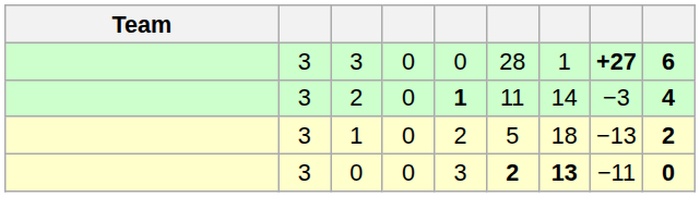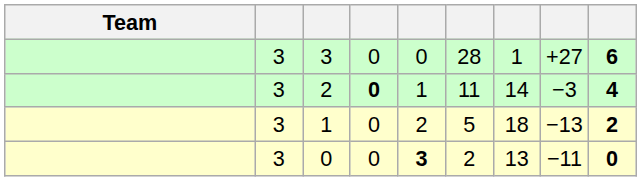 <table class="wikitable" style="text-align: center; font-size:90% ">
 <tr>
 <th width=160>Team</th>
 <th width=25></th>
 <th width=25></th>
 <th width=25></th>
 <th width=25></th>
 <th width=25></th>
 <th width=25></th>
 <th width=25></th>
 <th width=25></th>
 </tr>
 <tr bgcolor="ccffcc">
 <td align=left></td>
 <td>3</td>
 <td>3</td>
 <td>0</td>
 <td>0</td>
 <td>28</td>
 <td>1</td>
-<td><strong>+27</strong></td>
+<td>+27</td>
 <td><strong>6</strong></td>
 </tr>
 <tr bgcolor="ccffcc">
 <td align=left></td>
 <td>3</td>
 <td>2</td>
-<td>0</td>
-<td><strong>1</strong></td>
+<td><strong>0</strong></td>
+<td>1</td>
 <td>11</td>
 <td>14</td>
 <td>−3</td>
 <td><strong>4</strong></td>
 </tr>
 <tr bgcolor="ffffcc">
 <td align=left></td>
 <td>3</td>
 <td>1</td>
 <td>0</td>
 <td>2</td>
 <td>5</td>
 <td>18</td>
 <td>−13</td>
 <td><strong>2</strong></td>
 </tr>
 <tr bgcolor="ffffcc">
 <td align=left></td>
 <td>3</td>
 <td>0</td>
 <td>0</td>
-<td>3</td>
-<td><strong>2</strong></td>
-<td><strong>13</strong></td>
+<td><strong>3</strong></td>
+<td>2</td>
+<td>13</td>
 <td>−11</td>
 <td><strong>0</strong></td>
 </tr>
 </table>
